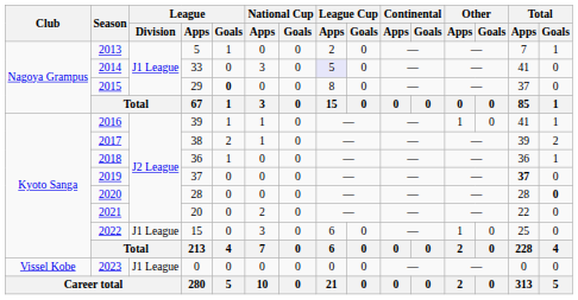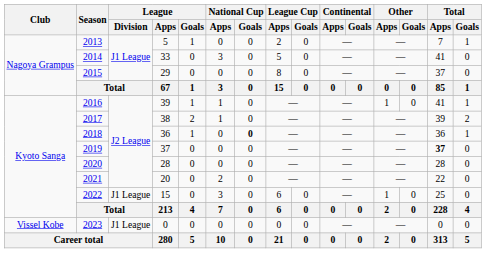 <table class="wikitable" style="text-align:center;">
 <tr>
 <th rowspan="2">Club</th>
 <th rowspan="2">Season</th>
 <th colspan="3">League</th>
 <th colspan="2">National Cup</th>
 <th colspan="2">League Cup</th>
 <th colspan="2">Continental</th>
 <th colspan="2">Other</th>
 <th colspan="2">Total</th>
 </tr>
 <tr>
 <th>Division</th>
 <th>Apps</th>
 <th>Goals</th>
 <th>Apps</th>
 <th>Goals</th>
 <th>Apps</th>
 <th>Goals</th>
 <th>Apps</th>
 <th>Goals</th>
 <th>Apps</th>
 <th>Goals</th>
 <th>Apps</th>
 <th>Goals</th>
 </tr>
 <tr>
 <td rowspan="4"><a href='#'>Nagoya Grampus</a></td>
 <td><a href='#'>2013</a></td>
 <td rowspan="3"><a href='#'>J1 League</a></td>
 <td>5</td>
 <td>1</td>
 <td>0</td>
 <td>0</td>
 <td>2</td>
 <td>0</td>
 <td colspan="2">—</td>
 <td colspan="2">—</td>
 <td>7</td>
 <td>1</td>
 </tr>
 <tr>
 <td><a href='#'>2014</a></td>
 <td>33</td>
 <td>0</td>
 <td>3</td>
 <td>0</td>
-<td style="background: lavender;">5</td>
+<td>5</td>
 <td>0</td>
 <td colspan="2">—</td>
 <td colspan="2">—</td>
 <td>41</td>
 <td>0</td>
 </tr>
 <tr>
 <td><a href='#'>2015</a></td>
 <td>29</td>
-<td><strong>0</strong></td>
+<td>0</td>
 <td>0</td>
 <td>0</td>
 <td>8</td>
 <td>0</td>
 <td colspan="2">—</td>
 <td colspan="2">—</td>
 <td>37</td>
 <td>0</td>
 </tr>
 <tr>
 <th colspan="2">Total</th>
 <th>67</th>
 <th>1</th>
 <th>3</th>
 <th>0</th>
 <th>15</th>
 <th>0</th>
 <th>0</th>
 <th>0</th>
 <th>0</th>
 <th>0</th>
 <th>85</th>
 <th>1</th>
 </tr>
 <tr>
 <td rowspan="8"><a href='#'>Kyoto Sanga</a></td>
 <td><a href='#'>2016</a></td>
 <td rowspan="6"><a href='#'>J2 League</a></td>
 <td>39</td>
 <td>1</td>
 <td>1</td>
 <td>0</td>
 <td colspan="2">—</td>
 <td colspan="2">—</td>
 <td>1</td>
 <td>0</td>
 <td>41</td>
 <td>1</td>
 </tr>
 <tr>
 <td><a href='#'>2017</a></td>
 <td>38</td>
 <td>2</td>
 <td>1</td>
 <td>0</td>
 <td colspan="2">—</td>
 <td colspan="2">—</td>
 <td colspan="2">—</td>
 <td>39</td>
 <td>2</td>
 </tr>
 <tr>
 <td><a href='#'>2018</a></td>
 <td>36</td>
 <td>1</td>
 <td>0</td>
-<td>0</td>
+<td><strong>0</strong></td>
 <td colspan="2">—</td>
 <td colspan="2">—</td>
 <td colspan="2">—</td>
 <td>36</td>
 <td>1</td>
 </tr>
 <tr>
 <td><a href='#'>2019</a></td>
 <td>37</td>
 <td>0</td>
 <td>0</td>
 <td>0</td>
 <td colspan="2">—</td>
 <td colspan="2">—</td>
 <td colspan="2">—</td>
 <td><strong>37</strong></td>
 <td>0</td>
 </tr>
 <tr>
 <td><a href='#'>2020</a></td>
 <td>28</td>
 <td>0</td>
 <td>0</td>
 <td>0</td>
 <td colspan="2">—</td>
 <td colspan="2">—</td>
 <td colspan="2">—</td>
 <td>28</td>
-<td><strong>0</strong></td>
+<td>0</td>
 </tr>
 <tr>
 <td><a href='#'>2021</a></td>
 <td>20</td>
 <td>0</td>
 <td>2</td>
 <td>0</td>
 <td colspan="2">—</td>
 <td colspan="2">—</td>
 <td colspan="2">—</td>
 <td>22</td>
 <td>0</td>
 </tr>
 <tr>
 <td><a href='#'>2022</a></td>
 <td>J1 League</td>
 <td>15</td>
 <td>0</td>
 <td>3</td>
 <td>0</td>
 <td>6</td>
 <td>0</td>
 <td colspan="2">—</td>
 <td>1</td>
 <td>0</td>
 <td>25</td>
 <td>0</td>
 </tr>
 <tr>
 <th colspan="2">Total</th>
 <th>213</th>
 <th>4</th>
 <th>7</th>
 <th>0</th>
 <th>6</th>
 <th>0</th>
 <th>0</th>
 <th>0</th>
 <th>2</th>
 <th>0</th>
 <th>228</th>
 <th>4</th>
 </tr>
 <tr>
 <td><a href='#'>Vissel Kobe</a></td>
 <td><a href='#'>2023</a></td>
 <td>J1 League</td>
 <td>0</td>
 <td>0</td>
 <td>0</td>
 <td>0</td>
 <td>0</td>
 <td>0</td>
 <td colspan="2">—</td>
 <td colspan="2">—</td>
 <td>0</td>
 <td>0</td>
 </tr>
 <tr>
 <th colspan="3">Career total</th>
 <th>280</th>
 <th>5</th>
 <th>10</th>
 <th>0</th>
 <th>21</th>
 <th>0</th>
 <th>0</th>
 <th>0</th>
 <th>2</th>
 <th>0</th>
 <th>313</th>
 <th>5</th>
 </tr>
 </table>
